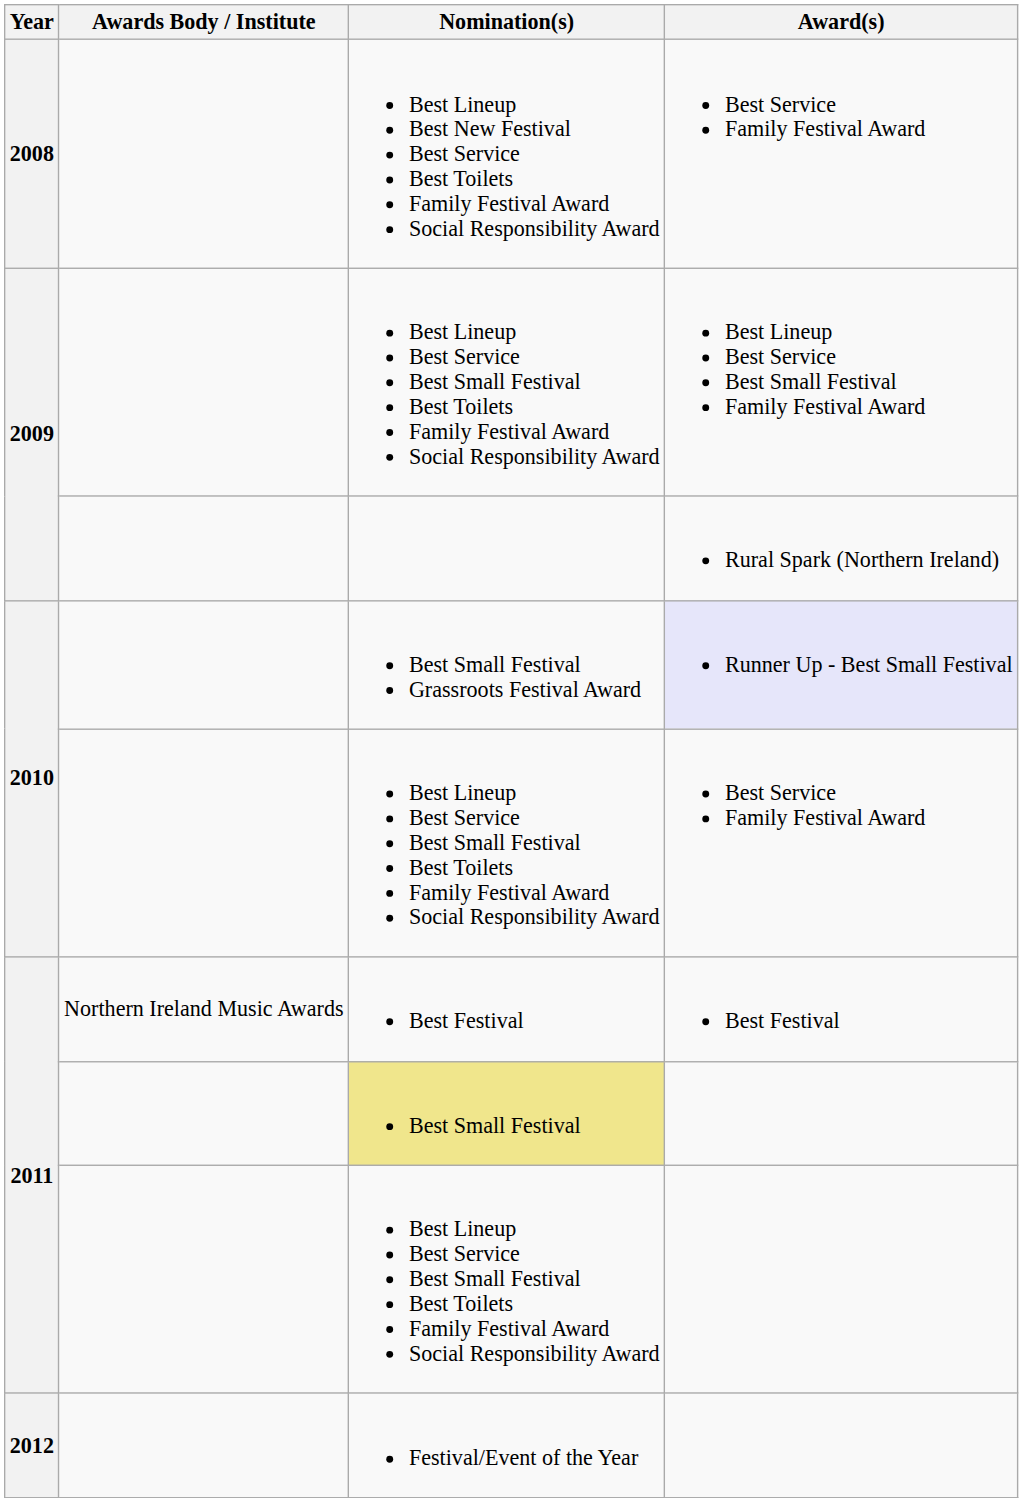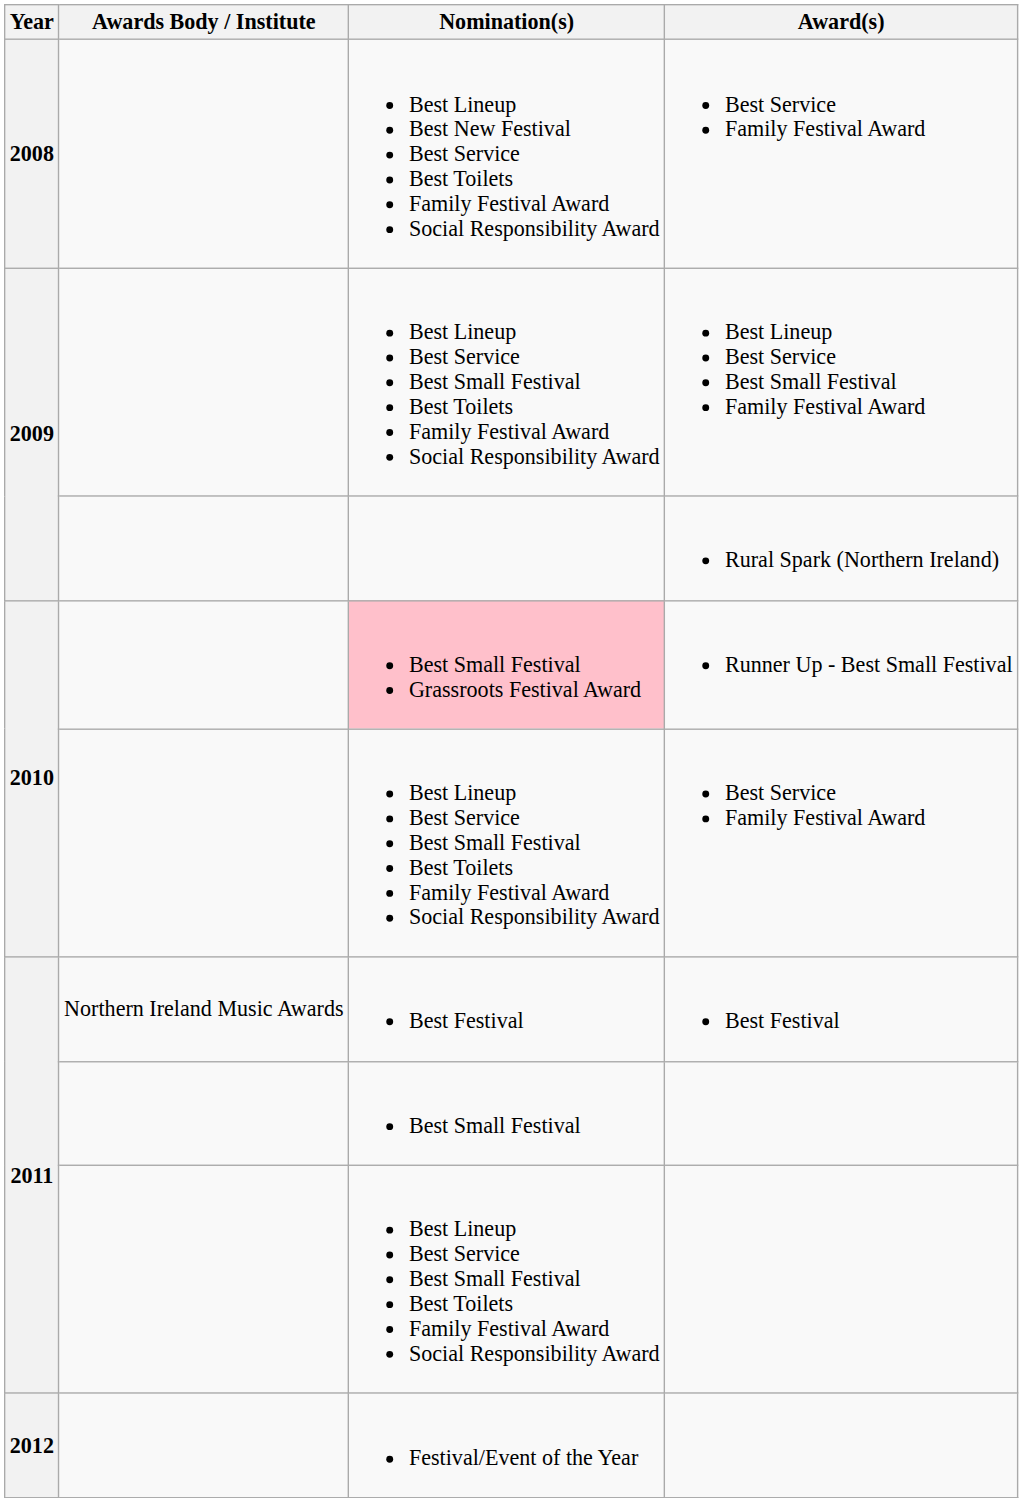 <table class="wikitable">
 <tr>
 <th>Year</th>
 <th>Awards Body / Institute</th>
 <th>Nomination(s)</th>
 <th>Award(s)</th>
 </tr>
 <tr>
 <th>2008</th>
 <td align="center" valign="middle"></td>
 <td valign="top"><br><ul><li>Best Lineup</li><li>Best New Festival</li><li>Best Service</li><li>Best Toilets</li><li>Family Festival Award</li><li>Social Responsibility Award</li></ul></td>
 <td valign="top"><br><ul><li>Best Service</li><li>Family Festival Award</li></ul></td>
 </tr>
 <tr>
 <th rowspan="2">2009</th>
 <td align="center" valign="middle"></td>
 <td valign="top"><br><ul><li>Best Lineup</li><li>Best Service</li><li>Best Small Festival</li><li>Best Toilets</li><li>Family Festival Award</li><li>Social Responsibility Award</li></ul></td>
 <td valign="top"><br><ul><li>Best Lineup</li><li>Best Service</li><li>Best Small Festival</li><li>Family Festival Award</li></ul></td>
 </tr>
 <tr>
 <td align="center" valign="middle"></td>
 <td valign="top"></td>
 <td valign="top"><br><ul><li>Rural Spark (Northern Ireland)</li></ul></td>
 </tr>
 <tr>
 <th rowspan="2">2010</th>
 <td align="center" valign="middle"></td>
-<td valign="top"><br><ul><li>Best Small Festival</li><li>Grassroots Festival Award</li></ul></td>
-<td valign="top" style="background: lavender;"><br><ul><li>Runner Up - Best Small Festival</li></ul></td>
+<td valign="top" style="background: pink;"><br><ul><li>Best Small Festival</li><li>Grassroots Festival Award</li></ul></td>
+<td valign="top"><br><ul><li>Runner Up - Best Small Festival</li></ul></td>
 </tr>
 <tr>
 <td align="center" valign="middle"></td>
 <td valign="top"><br><ul><li>Best Lineup</li><li>Best Service</li><li>Best Small Festival</li><li>Best Toilets</li><li>Family Festival Award</li><li>Social Responsibility Award</li></ul></td>
 <td valign="top"><br><ul><li>Best Service</li><li>Family Festival Award</li></ul></td>
 </tr>
 <tr>
 <th rowspan="3">2011</th>
 <td align="center" valign="middle">Northern Ireland Music Awards</td>
 <td valign="top"><br><ul><li>Best Festival</li></ul></td>
 <td valign="top"><br><ul><li>Best Festival</li></ul></td>
 </tr>
 <tr>
 <td align="center" valign="middle"></td>
-<td valign="top" style="background: khaki;"><br><ul><li>Best Small Festival</li></ul></td>
+<td valign="top"><br><ul><li>Best Small Festival</li></ul></td>
 <td valign="top"></td>
 </tr>
 <tr>
 <td align="center" valign="middle"></td>
 <td valign="top"><br><ul><li>Best Lineup</li><li>Best Service</li><li>Best Small Festival</li><li>Best Toilets</li><li>Family Festival Award</li><li>Social Responsibility Award</li></ul></td>
 <td valign="top"></td>
 </tr>
 <tr>
 <th rowspan="1">2012</th>
 <td align="center" valign="middle"></td>
 <td valign="top"><br><ul><li>Festival/Event of the Year</li></ul></td>
 <td valign="top"></td>
 </tr>
 <tr>
 </tr>
 </table>
